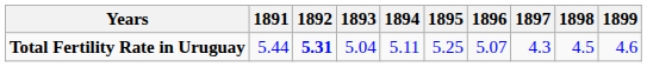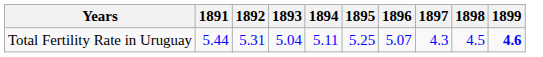 <table class="wikitable " style="text-align:right">
 <tr>
 <th>Years</th>
 <th>1891</th>
 <th>1892</th>
 <th>1893</th>
 <th>1894</th>
 <th>1895</th>
 <th>1896</th>
 <th>1897</th>
 <th>1898</th>
 <th>1899</th>
 </tr>
 <tr>
-<td align="left"><strong>Total Fertility Rate in Uruguay</strong></td>
+<td align="left">Total Fertility Rate in Uruguay</td>
 <td style="text-align:right; color:blue;">5.44</td>
-<td style="text-align:right; color:blue;"><strong>5.31</strong></td>
+<td style="text-align:right; color:blue;">5.31</td>
 <td style="text-align:right; color:blue;">5.04</td>
 <td style="text-align:right; color:blue;">5.11</td>
 <td style="text-align:right; color:blue;">5.25</td>
 <td style="text-align:right; color:blue;">5.07</td>
 <td style="text-align:right; color:blue;">4.3</td>
 <td style="text-align:right; color:blue;">4.5</td>
-<td style="text-align:right; color:blue;">4.6</td>
+<td style="text-align:right; color:blue;"><strong>4.6</strong></td>
 </tr>
 </table>
